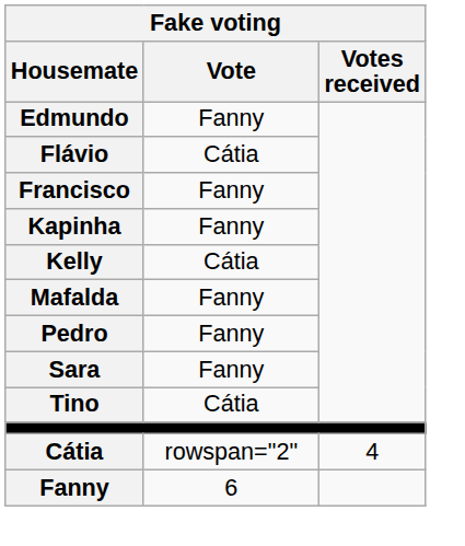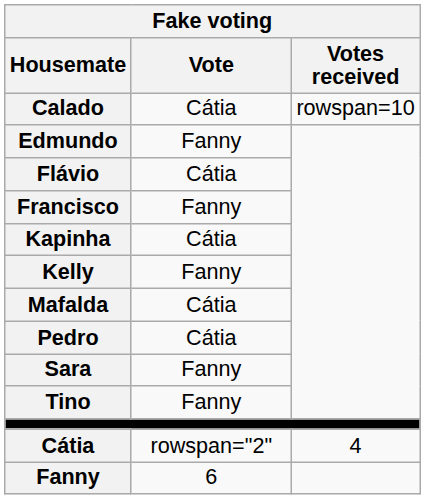 <table class="wikitable" style="text-align:center; font-size:90%; line-height:15px;">
 <tr>
 <th colspan=3>Fake voting</th>
 </tr>
 <tr>
 <th>Housemate</th>
 <th width=100>Vote</th>
 <th>Votes<br>received</th>
+</tr>
+<tr>
+<th>Calado</th>
+<td>Cátia</td>
+<td>rowspan=10 </td>
 </tr>
 <tr>
 <th>Edmundo</th>
 <td>Fanny</td>
 </tr>
 <tr>
 <th>Flávio</th>
 <td>Cátia</td>
 </tr>
 <tr>
 <th>Francisco</th>
 <td>Fanny</td>
 </tr>
 <tr>
 <th>Kapinha</th>
+<td>Cátia</td>
+</tr>
+<tr>
+<th>Kelly</th>
 <td>Fanny</td>
 </tr>
 <tr>
-<th>Kelly</th>
+<th>Mafalda</th>
 <td>Cátia</td>
 </tr>
 <tr>
-<th>Mafalda</th>
-<td>Fanny</td>
-</tr>
-<tr>
 <th>Pedro</th>
-<td>Fanny</td>
+<td>Cátia</td>
 </tr>
 <tr>
 <th>Sara</th>
 <td>Fanny</td>
 </tr>
 <tr>
 <th>Tino</th>
-<td>Cátia</td>
+<td>Fanny</td>
 </tr>
 <tr>
 <th style="background:#000;" colspan="3"></th>
 </tr>
 <tr>
 <th>Cátia</th>
 <td>rowspan="2" </td>
 <td>4</td>
 </tr>
 <tr>
 <th>Fanny</th>
 <td>6</td>
 </tr>
 </table>
